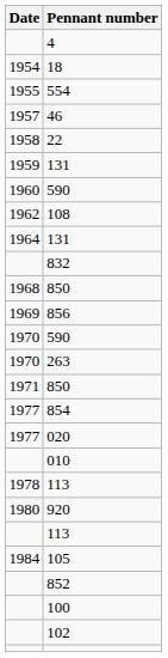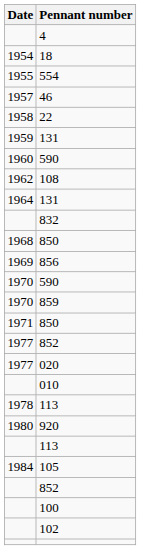 <table class="wikitable">
 <tr>
 <th>Date</th>
 <th>Pennant number</th>
 </tr>
 <tr>
 <td></td>
 <td>4</td>
 </tr>
 <tr>
 <td>1954</td>
 <td>18</td>
 </tr>
 <tr>
 <td>1955</td>
 <td>554</td>
 </tr>
 <tr>
 <td>1957</td>
 <td>46</td>
 </tr>
 <tr>
 <td>1958</td>
 <td>22</td>
 </tr>
 <tr>
 <td>1959</td>
 <td>131</td>
 </tr>
 <tr>
 <td>1960</td>
 <td>590</td>
 </tr>
 <tr>
 <td>1962</td>
 <td>108</td>
 </tr>
 <tr>
 <td>1964</td>
 <td>131</td>
 </tr>
 <tr>
 <td></td>
 <td>832</td>
 </tr>
 <tr>
 <td>1968</td>
 <td>850</td>
 </tr>
 <tr>
 <td>1969</td>
 <td>856</td>
 </tr>
 <tr>
 <td>1970</td>
 <td>590</td>
 </tr>
 <tr>
 <td>1970</td>
-<td>263</td>
+<td>859</td>
 </tr>
 <tr>
 <td>1971</td>
 <td>850</td>
 </tr>
 <tr>
 <td>1977</td>
-<td>854</td>
+<td>852</td>
 </tr>
 <tr>
 <td>1977</td>
 <td>020</td>
 </tr>
 <tr>
 <td></td>
 <td>010</td>
 </tr>
 <tr>
 <td>1978</td>
 <td>113</td>
 </tr>
 <tr>
 <td>1980</td>
 <td>920</td>
 </tr>
 <tr>
 <td></td>
 <td>113</td>
 </tr>
 <tr>
 <td>1984</td>
 <td>105</td>
 </tr>
 <tr>
 <td></td>
 <td>852</td>
 </tr>
 <tr>
 <td></td>
 <td>100</td>
 </tr>
 <tr>
 <td></td>
 <td>102</td>
 </tr>
 <tr>
 <td></td>
 <td></td>
 </tr>
 </table>
